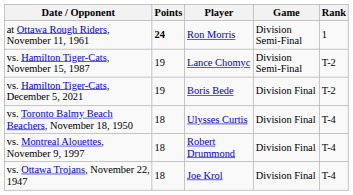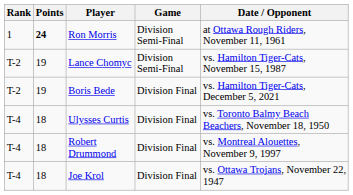 <table class="wikitable" style="width:60%;">
 <tr>
-<th>Date / Opponent</th>
+<th>Rank</th>
 <th>Points</th>
 <th>Player</th>
 <th>Game</th>
-<th>Rank</th>
+<th>Date / Opponent</th>
 </tr>
 <tr>
-<td>at <a href='#'>Ottawa Rough Riders</a>, November 11, 1961</td>
+<td>1</td>
 <td><strong>24</strong></td>
 <td><a href='#'>Ron Morris</a></td>
 <td>Division Semi-Final</td>
-<td>1</td>
+<td>at <a href='#'>Ottawa Rough Riders</a>, November 11, 1961</td>
 </tr>
 <tr>
-<td>vs. <a href='#'>Hamilton Tiger-Cats</a>, November 15, 1987</td>
+<td>T-2</td>
 <td>19</td>
 <td><a href='#'>Lance Chomyc</a></td>
 <td>Division Semi-Final</td>
-<td>T-2</td>
+<td>vs. <a href='#'>Hamilton Tiger-Cats</a>, November 15, 1987</td>
 </tr>
 <tr>
-<td>vs. <a href='#'>Hamilton Tiger-Cats</a>, December 5, 2021</td>
+<td>T-2</td>
 <td>19</td>
 <td><a href='#'>Boris Bede</a></td>
 <td>Division Final</td>
-<td>T-2</td>
+<td>vs. <a href='#'>Hamilton Tiger-Cats</a>, December 5, 2021</td>
 </tr>
 <tr>
-<td>vs. <a href='#'>Toronto Balmy Beach Beachers</a>, November 18, 1950</td>
+<td>T-4</td>
 <td>18</td>
 <td><a href='#'>Ulysses Curtis</a></td>
 <td>Division Final</td>
-<td>T-4</td>
+<td>vs. <a href='#'>Toronto Balmy Beach Beachers</a>, November 18, 1950</td>
 </tr>
 <tr>
-<td>vs. <a href='#'>Montreal Alouettes</a>, November 9, 1997</td>
+<td>T-4</td>
 <td>18</td>
 <td><a href='#'>Robert Drummond</a></td>
 <td>Division Final</td>
-<td>T-4</td>
+<td>vs. <a href='#'>Montreal Alouettes</a>, November 9, 1997</td>
 </tr>
 <tr>
-<td>vs. <a href='#'>Ottawa Trojans</a>, November 22, 1947</td>
+<td>T-4</td>
 <td>18</td>
 <td><a href='#'>Joe Krol</a></td>
 <td>Division Final</td>
-<td>T-4</td>
+<td>vs. <a href='#'>Ottawa Trojans</a>, November 22, 1947</td>
 </tr>
 </table>
